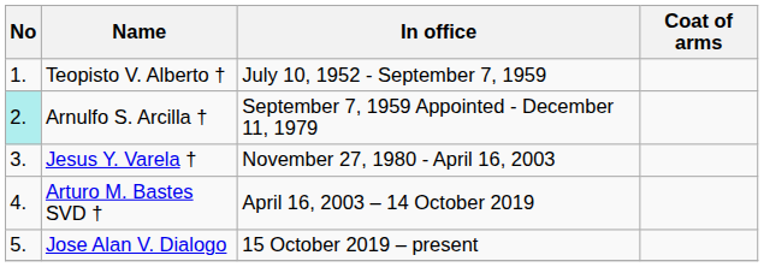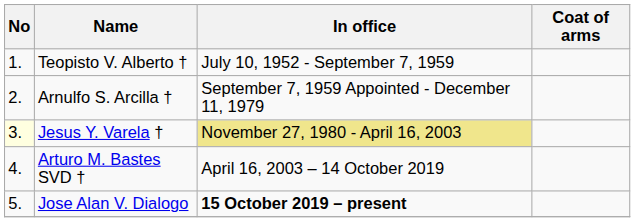 <table class="wikitable">
 <tr>
 <th>No</th>
 <th>Name</th>
 <th>In office</th>
 <th>Coat of arms</th>
 </tr>
 <tr>
 <td>1.</td>
 <td>Teopisto V. Alberto †</td>
 <td>July 10, 1952 - September 7, 1959</td>
 <td></td>
 </tr>
 <tr>
-<td style="background: paleturquoise;">2.</td>
+<td>2.</td>
 <td>Arnulfo S. Arcilla †</td>
 <td>September 7, 1959 Appointed - December 11, 1979</td>
 <td></td>
 </tr>
 <tr>
-<td>3.</td>
+<td style="background: lightyellow;">3.</td>
 <td><a href='#'>Jesus Y. Varela</a> †</td>
-<td>November 27, 1980 - April 16, 2003</td>
+<td style="background: khaki;">November 27, 1980 - April 16, 2003</td>
 <td></td>
 </tr>
 <tr>
 <td>4.</td>
 <td><a href='#'>Arturo M. Bastes</a> SVD †</td>
 <td>April 16, 2003 – 14 October 2019</td>
 <td></td>
 </tr>
 <tr>
 <td>5.</td>
 <td><a href='#'>Jose Alan V. Dialogo</a></td>
-<td>15 October 2019 – present</td>
+<td><strong>15 October 2019 – present</strong></td>
 <td></td>
 </tr>
 <tr>
 </tr>
 </table>
